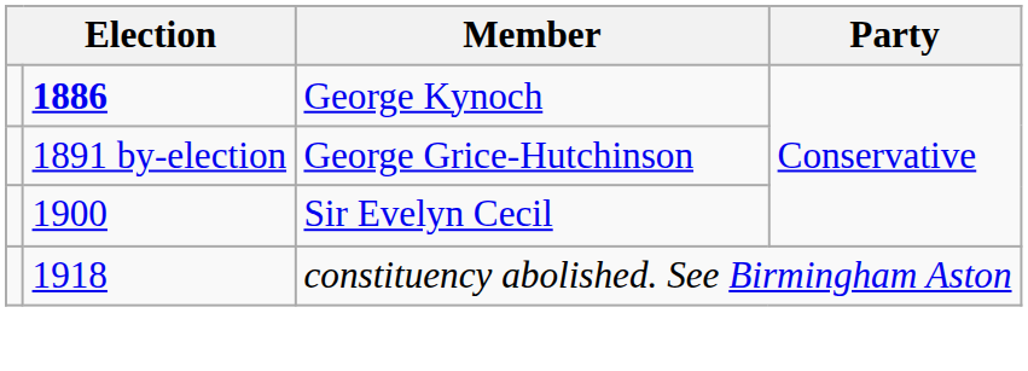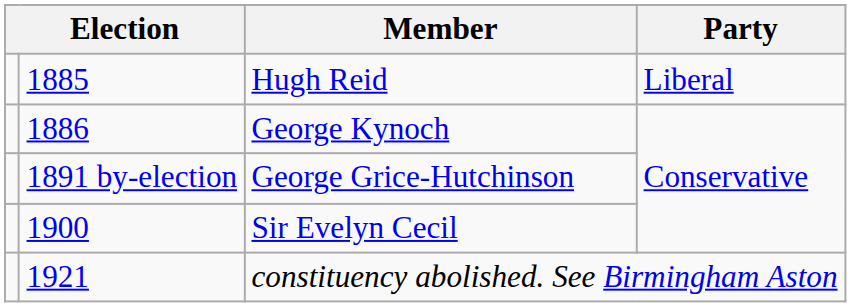 <table class="wikitable">
 <tr>
 <th colspan="2">Election</th>
 <th>Member</th>
 <th>Party</th>
 </tr>
 <tr>
 <td style="color:inherit;background-color: "></td>
-<td><strong><a href='#'>1886</a></strong></td>
+<td><a href='#'>1885</a></td>
+<td><a href='#'>Hugh Reid</a></td>
+<td><a href='#'>Liberal</a></td>
+</tr>
+<tr>
+<td style="color:inherit;background-color: "></td>
+<td><a href='#'>1886</a></td>
 <td><a href='#'>George Kynoch</a></td>
 <td rowspan="3"><a href='#'>Conservative</a></td>
 </tr>
 <tr>
 <td style="color:inherit;background-color: "></td>
 <td><a href='#'>1891 by-election</a></td>
 <td><a href='#'>George Grice-Hutchinson</a></td>
 </tr>
 <tr>
 <td style="color:inherit;background-color: "></td>
 <td><a href='#'>1900</a></td>
 <td><a href='#'>Sir Evelyn Cecil</a></td>
 </tr>
 <tr>
 <td></td>
-<td><a href='#'>1918</a></td>
+<td><a href='#'>1921</a></td>
 <td colspan="2"><em>constituency abolished. See <a href='#'>Birmingham Aston</a></em></td>
 </tr>
 </table>
